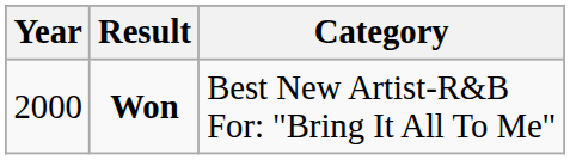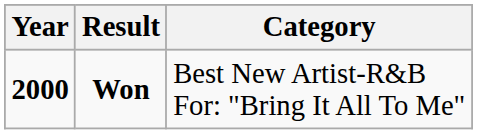 <table class="wikitable">
 <tr style="background:#ccc; text-align:center;">
 <th align="left">Year</th>
 <th style="text-align:center;">Result</th>
 <th style="text-align:center;">Category</th>
 </tr>
 <tr>
-<td align="left">2000</td>
+<td align="left"><strong>2000</strong></td>
 <td style="text-align:center;"><strong>Won</strong></td>
 <td align="left">Best New Artist-R&B <br> For: "Bring It All To Me"</td>
 </tr>
 </table>
